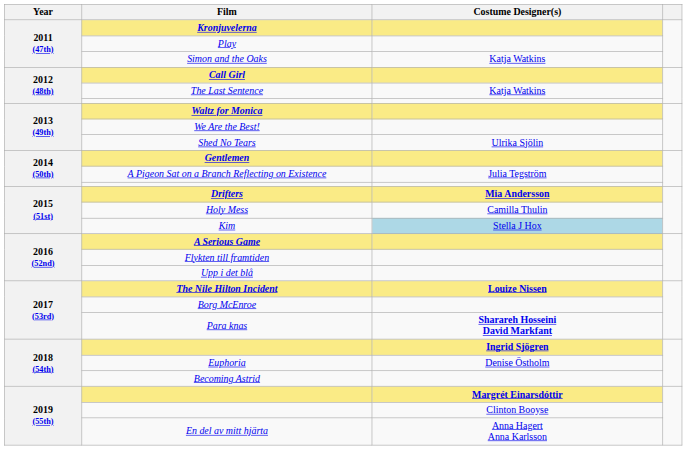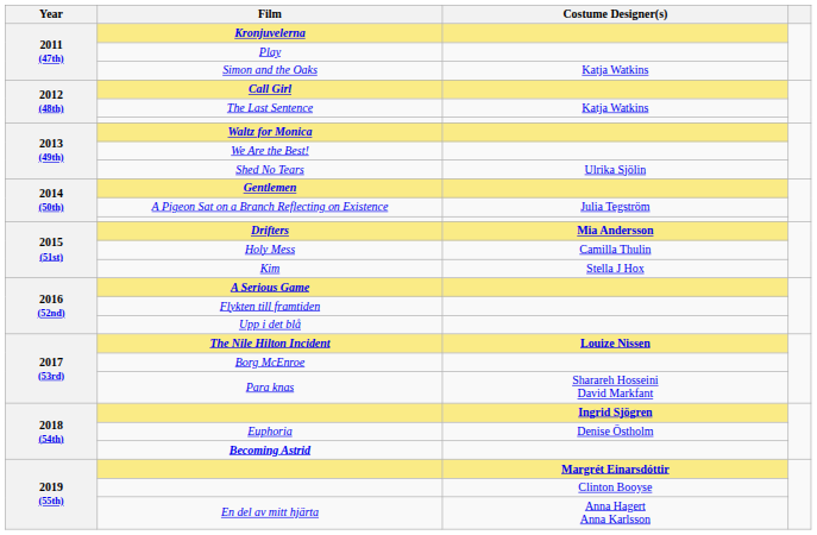 <table class="wikitable" style="text-align:center;">
 <tr>
 <th scope="col" style="width:8%;">Year</th>
 <th scope="col" style="width:30%;">Film</th>
 <th scope="col" style="width:30%;">Costume Designer(s)</th>
 <th scope="col" style="width:2%;" class="unsortable"></th>
 </tr>
 <tr>
 <th scope="row" rowspan="3" style="text-align:center"><strong>2011</strong><br><small><a href='#'>(47th)</a></small></th>
 <td style="background:#FAEB86"><strong><em><a href='#'>Kronjuvelerna</a></em></strong></td>
 <td style="background:#FAEB86"><strong></strong></td>
 <td rowspan="3"></td>
 </tr>
 <tr>
 <td><em><a href='#'>Play</a></em></td>
 <td></td>
 </tr>
 <tr>
 <td><em><a href='#'>Simon and the Oaks</a></em></td>
 <td><a href='#'>Katja Watkins</a></td>
 </tr>
 <tr>
 <th scope="row" rowspan="3" style="text-align:center"><strong>2012</strong><br><small><a href='#'>(48th)</a></small></th>
 <td style="background:#FAEB86"><strong><em><a href='#'>Call Girl</a></em></strong></td>
 <td style="background:#FAEB86"><strong></strong></td>
 <td rowspan="3"></td>
 </tr>
 <tr>
 <td><em><a href='#'>The Last Sentence</a></em></td>
 <td><a href='#'>Katja Watkins</a></td>
 </tr>
 <tr>
 <td><em></em></td>
 <td></td>
 </tr>
 <tr>
 <th scope="row" rowspan="3" style="text-align:center"><strong>2013</strong><br><small><a href='#'>(49th)</a></small></th>
 <td style="background:#FAEB86"><strong><em><a href='#'>Waltz for Monica</a></em></strong></td>
 <td style="background:#FAEB86"><strong></strong></td>
 <td rowspan="3"></td>
 </tr>
 <tr>
 <td><em><a href='#'>We Are the Best!</a></em></td>
 <td></td>
 </tr>
 <tr>
 <td><em><a href='#'>Shed No Tears</a></em></td>
 <td><a href='#'>Ulrika Sjölin</a></td>
 </tr>
 <tr>
 <th scope="row" rowspan="3" style="text-align:center"><strong>2014</strong><br><small><a href='#'>(50th)</a></small></th>
 <td style="background:#FAEB86"><strong><em><a href='#'>Gentlemen</a></em></strong></td>
 <td style="background:#FAEB86"><strong></strong></td>
 <td rowspan="3"></td>
 </tr>
 <tr>
 <td><em><a href='#'>A Pigeon Sat on a Branch Reflecting on Existence</a></em></td>
 <td><a href='#'>Julia Tegström</a></td>
 </tr>
 <tr>
 <td><em></em></td>
 <td></td>
 </tr>
 <tr>
 <th scope="row" rowspan="3" style="text-align:center"><strong>2015</strong><br><small><a href='#'>(51st)</a></small></th>
 <td style="background:#FAEB86"><strong><em><a href='#'>Drifters</a></em></strong></td>
 <td style="background:#FAEB86"><strong><a href='#'>Mia Andersson</a></strong></td>
 <td rowspan="3"></td>
 </tr>
 <tr>
 <td><em><a href='#'>Holy Mess</a></em></td>
 <td><a href='#'>Camilla Thulin</a></td>
 </tr>
 <tr>
 <td><em><a href='#'>Kim</a></em></td>
-<td style="background: lightblue;"><a href='#'>Stella J Hox</a></td>
+<td><a href='#'>Stella J Hox</a></td>
 </tr>
 <tr>
 <th scope="row" rowspan="3" style="text-align:center"><strong>2016</strong><br><small><a href='#'>(52nd)</a></small></th>
 <td style="background:#FAEB86"><strong><em><a href='#'>A Serious Game</a></em></strong></td>
 <td style="background:#FAEB86"><strong></strong></td>
 <td rowspan="3"></td>
 </tr>
 <tr>
 <td><em><a href='#'>Flykten till framtiden</a></em></td>
 <td></td>
 </tr>
 <tr>
 <td><em><a href='#'>Upp i det blå</a></em></td>
 <td></td>
 </tr>
 <tr>
 <th scope="row" rowspan="3" style="text-align:center"><strong>2017</strong><br><small><a href='#'>(53rd)</a></small></th>
 <td style="background:#FAEB86"><strong><em><a href='#'>The Nile Hilton Incident</a></em></strong></td>
 <td style="background:#FAEB86"><strong><a href='#'>Louize Nissen</a></strong></td>
 <td rowspan="3"></td>
 </tr>
 <tr>
 <td><em><a href='#'>Borg McEnroe</a></em></td>
 <td></td>
 </tr>
 <tr>
 <td><em><a href='#'>Para knas</a></em></td>
-<td><strong><a href='#'>Sharareh Hosseini</a><br><a href='#'>David Markfant</a></strong></td>
+<td><a href='#'>Sharareh Hosseini</a><br><a href='#'>David Markfant</a></td>
 </tr>
 <tr>
 <th scope="row" rowspan="3" style="text-align:center"><strong>2018</strong><br><small><a href='#'>(54th)</a></small></th>
 <td style="background:#FAEB86"><strong><em></em></strong></td>
 <td style="background:#FAEB86"><strong><a href='#'>Ingrid Sjögren</a></strong></td>
 <td rowspan="3"></td>
 </tr>
 <tr>
 <td><em><a href='#'>Euphoria</a></em></td>
 <td><a href='#'>Denise Östholm</a></td>
 </tr>
 <tr>
-<td><em><a href='#'>Becoming Astrid</a></em></td>
+<td><strong><em><a href='#'>Becoming Astrid</a></em></strong></td>
 <td></td>
 </tr>
 <tr>
 <th scope="row" rowspan="3" style="text-align:center"><strong>2019</strong><br><small><a href='#'>(55th)</a></small></th>
 <td style="background:#FAEB86"><strong><em></em></strong></td>
 <td style="background:#FAEB86"><strong><a href='#'>Margrét Einarsdóttir</a></strong></td>
 <td rowspan="4"></td>
 </tr>
 <tr>
 <td><em></em></td>
 <td><a href='#'>Clinton Booyse</a></td>
 </tr>
 <tr>
 <td><em><a href='#'>En del av mitt hjärta</a></em></td>
 <td><a href='#'>Anna Hagert</a><br><a href='#'>Anna Karlsson</a></td>
 </tr>
 </table>
